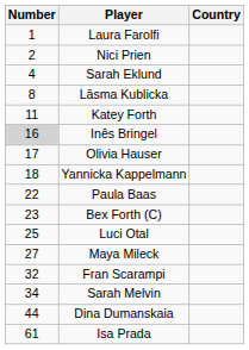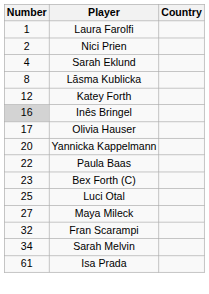 <table class="wikitable" ; width:50%;">
 <tr>
 <th>Number</th>
 <th>Player</th>
 <th>Country</th>
 </tr>
 <tr>
 <td style="text-align: center">1</td>
 <td style="text-align: center">Laura Farolfi</td>
 <td></td>
 </tr>
 <tr>
 <td style="text-align: center">2</td>
 <td style="text-align: center">Nici Prien</td>
 <td></td>
 </tr>
 <tr>
 <td style="text-align: center">4</td>
 <td style="text-align: center">Sarah Eklund</td>
 <td></td>
 </tr>
 <tr>
 <td style="text-align: center">8</td>
 <td style="text-align: center">Lāsma Kublicka</td>
 <td></td>
 </tr>
 <tr>
-<td style="text-align: center">11</td>
+<td style="text-align: center">12</td>
 <td style="text-align: center">Katey Forth</td>
 <td></td>
 </tr>
 <tr>
 <td style="background: lightgrey; text-align: center">16</td>
 <td style="text-align: center">Inês Bringel</td>
 <td></td>
 </tr>
 <tr>
 <td style="text-align: center">17</td>
 <td style="text-align: center">Olivia Hauser</td>
 <td></td>
 </tr>
 <tr>
-<td style="text-align: center">18</td>
+<td style="text-align: center">20</td>
 <td style="text-align: center">Yannicka Kappelmann</td>
 <td></td>
 </tr>
 <tr>
 <td style="text-align: center">22</td>
 <td style="text-align: center">Paula Baas</td>
 <td></td>
 </tr>
 <tr>
 <td style="text-align: center">23</td>
 <td style="text-align: center">Bex Forth (C)</td>
 <td></td>
 </tr>
 <tr>
 <td style="text-align: center">25</td>
 <td style="text-align: center">Luci Otal</td>
 <td></td>
 </tr>
 <tr>
 <td style="text-align: center">27</td>
 <td style="text-align: center">Maya Mileck</td>
 <td></td>
 </tr>
 <tr>
 <td style="text-align: center">32</td>
 <td style="text-align: center">Fran Scarampi</td>
 <td></td>
 </tr>
 <tr>
 <td style="text-align: center">34</td>
 <td style="text-align: center">Sarah Melvin</td>
 <td></td>
 </tr>
 <tr>
-<td style="text-align: center">44</td>
-<td style="text-align: center">Dina Dumanskaia</td>
-<td></td>
-</tr>
-<tr>
 <td style="text-align: center">61</td>
 <td style="text-align: center">Isa Prada</td>
 <td></td>
 </tr>
 </table>
